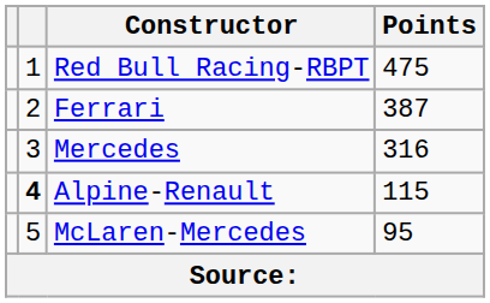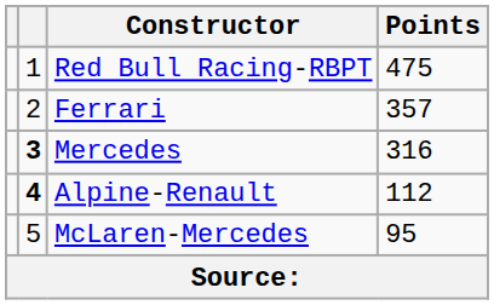 <table class="wikitable" style="font-size: 85%;">
 <tr>
 <th scope="col"></th>
 <th scope="col"></th>
 <th scope="col">Constructor</th>
 <th scope="col">Points</th>
 </tr>
 <tr>
 <td align="left"></td>
 <td align="center">1</td>
 <td> <a href='#'>Red Bull Racing</a>-<a href='#'>RBPT</a></td>
 <td align="left">475</td>
 </tr>
 <tr>
 <td align="left"></td>
 <td align="center">2</td>
 <td> <a href='#'>Ferrari</a></td>
-<td align="left">387</td>
+<td align="left">357</td>
 </tr>
 <tr>
 <td align="left"></td>
-<td align="center">3</td>
+<td align="center"><strong>3</strong></td>
 <td> <a href='#'>Mercedes</a></td>
 <td align="left">316</td>
 </tr>
 <tr>
 <td align="left"></td>
 <td align="center"><strong>4</strong></td>
 <td> <a href='#'>Alpine</a>-<a href='#'>Renault</a></td>
-<td align="left">115</td>
+<td align="left">112</td>
 </tr>
 <tr>
 <td align="left"></td>
 <td align="center">5</td>
 <td> <a href='#'>McLaren</a>-<a href='#'>Mercedes</a></td>
 <td align="left">95</td>
 </tr>
 <tr>
 <th colspan=4>Source:</th>
 </tr>
 </table>
